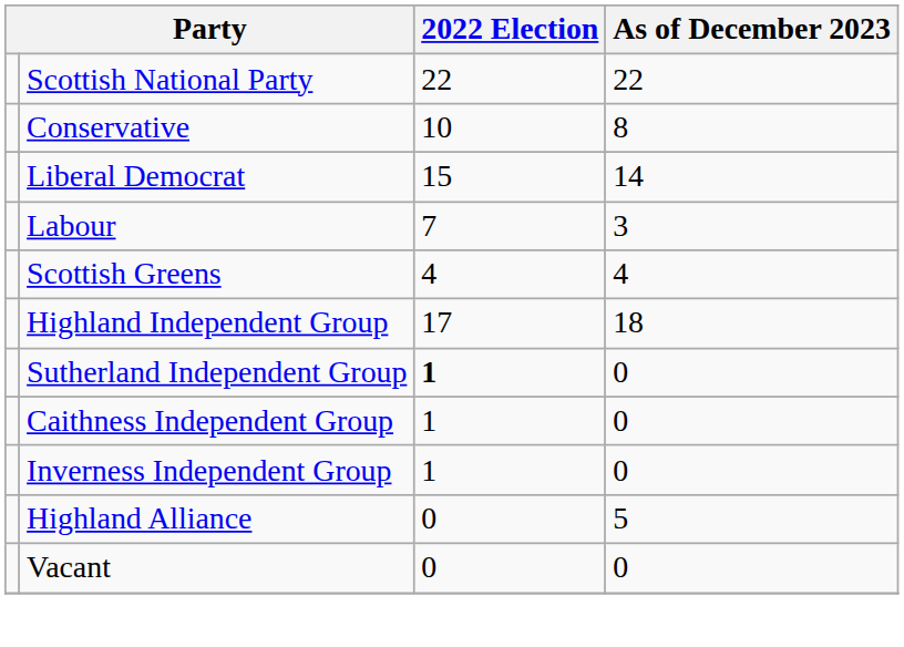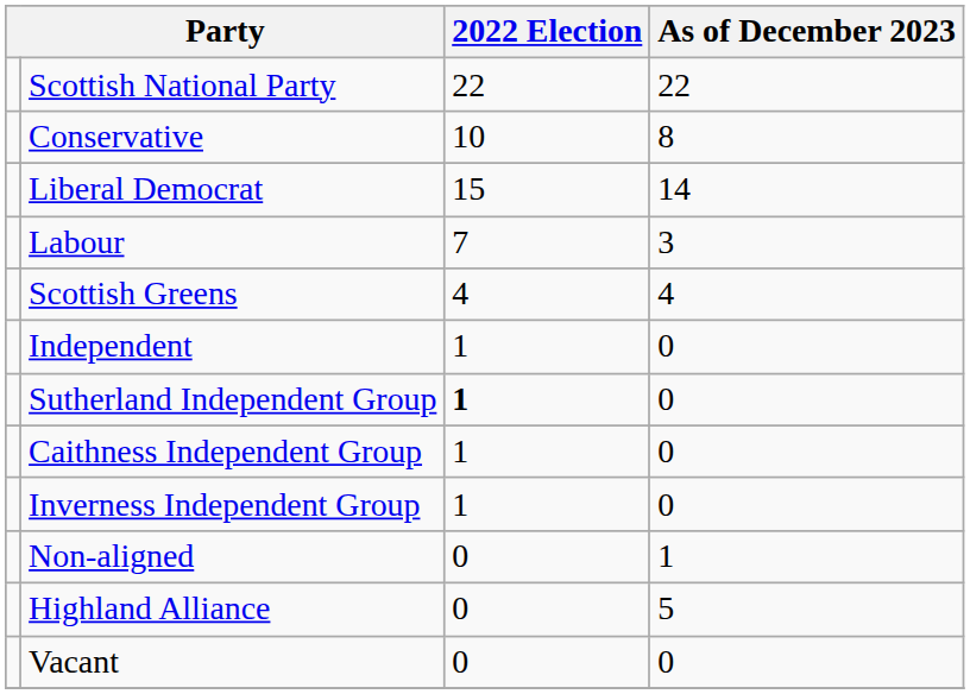 <table class="wikitable">
 <tr>
 <th ! colspan=2>Party</th>
 <th><a href='#'>2022 Election</a></th>
 <th>As of December 2023</th>
 </tr>
 <tr>
 <td></td>
 <td><a href='#'>Scottish National Party</a></td>
 <td>22</td>
 <td>22</td>
 </tr>
 <tr>
 <td></td>
 <td><a href='#'>Conservative</a></td>
 <td>10</td>
 <td>8</td>
 </tr>
 <tr>
 <td></td>
 <td><a href='#'>Liberal Democrat</a></td>
 <td>15</td>
 <td>14</td>
 </tr>
 <tr>
 <td></td>
 <td><a href='#'>Labour</a></td>
 <td>7</td>
 <td>3</td>
 </tr>
 <tr>
 <td></td>
 <td><a href='#'>Scottish Greens</a></td>
 <td>4</td>
 <td>4</td>
 </tr>
 <tr>
 <td></td>
-<td><a href='#'>Highland Independent Group</a></td>
-<td>17</td>
-<td>18</td>
+<td><a href='#'>Independent</a></td>
+<td>1</td>
+<td>0</td>
 </tr>
 <tr>
 <td></td>
 <td><a href='#'>Sutherland Independent Group</a></td>
 <td><strong>1</strong></td>
 <td>0</td>
 </tr>
 <tr>
 <td></td>
 <td><a href='#'>Caithness Independent Group</a></td>
 <td>1</td>
 <td>0</td>
 </tr>
 <tr>
 <td></td>
 <td><a href='#'>Inverness Independent Group</a></td>
 <td>1</td>
 <td>0</td>
 </tr>
 <tr>
 <td></td>
+<td><a href='#'>Non-aligned</a></td>
+<td>0</td>
+<td>1</td>
+</tr>
+<tr>
+<td></td>
 <td><a href='#'>Highland Alliance</a></td>
 <td>0</td>
 <td>5</td>
 </tr>
 <tr>
 <td></td>
 <td>Vacant</td>
 <td>0</td>
 <td>0</td>
 </tr>
 <tr>
 </tr>
 <tr>
 </tr>
 </table>
